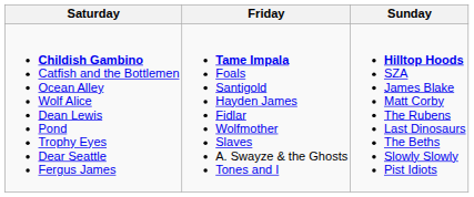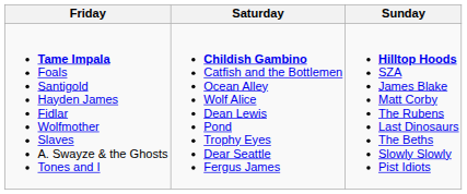 <table class="wikitable">
 <tr>
+<th>Friday</th>
 <th>Saturday</th>
-<th>Friday</th>
 <th>Sunday</th>
 </tr>
 <tr valign="top">
+<td><br><ul><li><strong><a href='#'>Tame Impala</a></strong></li><li><a href='#'>Foals</a></li><li><a href='#'>Santigold</a></li><li><a href='#'>Hayden James</a></li><li><a href='#'>Fidlar</a></li><li><a href='#'>Wolfmother</a></li><li><a href='#'>Slaves</a></li><li>A. Swayze & the Ghosts</li><li><a href='#'>Tones and I</a></li></ul></td>
 <td><br><ul><li><strong><a href='#'>Childish Gambino</a></strong></li><li><a href='#'>Catfish and the Bottlemen</a></li><li><a href='#'>Ocean Alley</a></li><li><a href='#'>Wolf Alice</a></li><li><a href='#'>Dean Lewis</a></li><li><a href='#'>Pond</a></li><li><a href='#'>Trophy Eyes</a></li><li><a href='#'>Dear Seattle</a></li><li><a href='#'>Fergus James</a></li></ul></td>
-<td><br><ul><li><strong><a href='#'>Tame Impala</a></strong></li><li><a href='#'>Foals</a></li><li><a href='#'>Santigold</a></li><li><a href='#'>Hayden James</a></li><li><a href='#'>Fidlar</a></li><li><a href='#'>Wolfmother</a></li><li><a href='#'>Slaves</a></li><li>A. Swayze & the Ghosts</li><li><a href='#'>Tones and I</a></li></ul></td>
 <td><br><ul><li><strong><a href='#'>Hilltop Hoods</a></strong></li><li><a href='#'>SZA</a></li><li><a href='#'>James Blake</a></li><li><a href='#'>Matt Corby</a></li><li><a href='#'>The Rubens</a></li><li><a href='#'>Last Dinosaurs</a></li><li><a href='#'>The Beths</a></li><li><a href='#'>Slowly Slowly</a></li><li><a href='#'>Pist Idiots</a></li></ul></td>
 </tr>
 </table>
